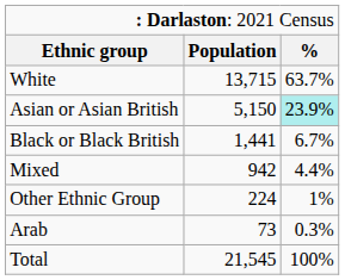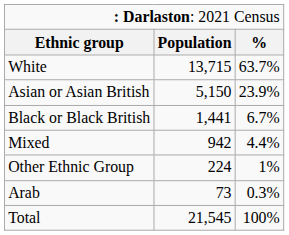 <table class="wikitable">
 <tr>
 <td colspan="14" style="text-align:right;"><strong>: Darlaston</strong>: 2021 Census</td>
 </tr>
 <tr>
 <th>Ethnic group</th>
 <th>Population</th>
 <th>%</th>
 </tr>
 <tr>
 <td>White</td>
 <td style="text-align:right;">13,715</td>
 <td style="text-align:right;">63.7%</td>
 </tr>
 <tr>
 <td>Asian or Asian British</td>
 <td style="text-align:right;">5,150</td>
-<td style="background: paleturquoise; text-align:right;">23.9%</td>
+<td style="text-align:right;">23.9%</td>
 </tr>
 <tr>
 <td>Black or Black British</td>
 <td style="text-align:right;">1,441</td>
 <td style="text-align:right;">6.7%</td>
 </tr>
 <tr>
 <td>Mixed</td>
 <td style="text-align:right;">942</td>
 <td style="text-align:right;">4.4%</td>
 </tr>
 <tr>
 <td>Other Ethnic Group</td>
 <td style="text-align:right;">224</td>
 <td style="text-align:right;">1%</td>
 </tr>
 <tr>
 <td>Arab</td>
 <td style="text-align:right;">73</td>
 <td style="text-align:right;">0.3%</td>
 </tr>
 <tr>
 <td>Total</td>
 <td style="text-align:right;">21,545</td>
 <td style="text-align:right;">100%</td>
 </tr>
 </table>
